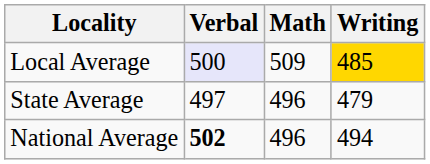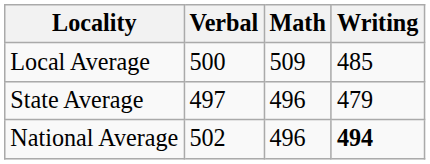 <table class="wikitable" border="1">
 <tr>
 <th>Locality</th>
 <th>Verbal</th>
 <th>Math</th>
 <th>Writing</th>
 </tr>
 <tr>
 <td>Local Average</td>
-<td style="background: lavender;">500</td>
+<td>500</td>
 <td>509</td>
-<td style="background: gold;">485</td>
+<td>485</td>
 </tr>
 <tr>
 <td>State Average</td>
 <td>497</td>
 <td>496</td>
 <td>479</td>
 </tr>
 <tr>
 <td>National Average</td>
-<td><strong>502</strong></td>
+<td>502</td>
 <td>496</td>
-<td>494</td>
+<td><strong>494</strong></td>
 </tr>
 </table>
